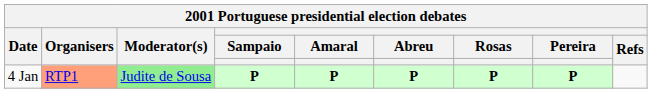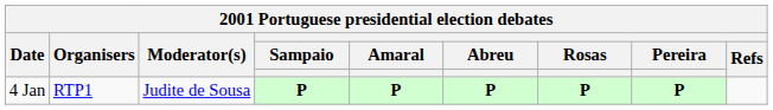 <table class="wikitable" style="font-size:98%; text-align:center;">
 <tr>
 <th colspan="21">2001 Portuguese presidential election debates</th>
 </tr>
 <tr>
 <th rowspan="3">Date</th>
 <th rowspan="3">Organisers</th>
 <th rowspan="3">Moderator(s)</th>
 <th colspan="18">      </th>
 </tr>
 <tr>
 <th scope="col" style="width:5em;">Sampaio</th>
 <th scope="col" style="width:5em;">Amaral</th>
 <th scope="col" style="width:5em;">Abreu</th>
 <th scope="col" style="width:5em;">Rosas</th>
 <th scope="col" style="width:5em;">Pereira</th>
 <th rowspan="2">Refs</th>
 </tr>
 <tr>
 <th style="background:"></th>
 <th style="background:"></th>
 <th style="background:"></th>
 <th style="background:"></th>
 <th style="background:"></th>
 </tr>
 <tr>
 <td style="white-space:nowrap; text-align:left;">4 Jan</td>
-<td style="background: lightsalmon; white-space:nowrap; text-align:left;"><a href='#'>RTP1</a></td>
-<td style="background: lightgreen; white-space:nowrap; text-align:left;"><a href='#'>Judite de Sousa</a></td>
+<td style="white-space:nowrap; text-align:left;"><a href='#'>RTP1</a></td>
+<td style="white-space:nowrap; text-align:left;"><a href='#'>Judite de Sousa</a></td>
 <td style="background:#D0FFD0;"><strong>P</strong></td>
 <td style="background:#D0FFD0;"><strong>P</strong></td>
 <td style="background:#D0FFD0;"><strong>P</strong></td>
 <td style="background:#D0FFD0;"><strong>P</strong></td>
 <td style="background:#D0FFD0;"><strong>P</strong></td>
 <td></td>
 </tr>
 </table>
